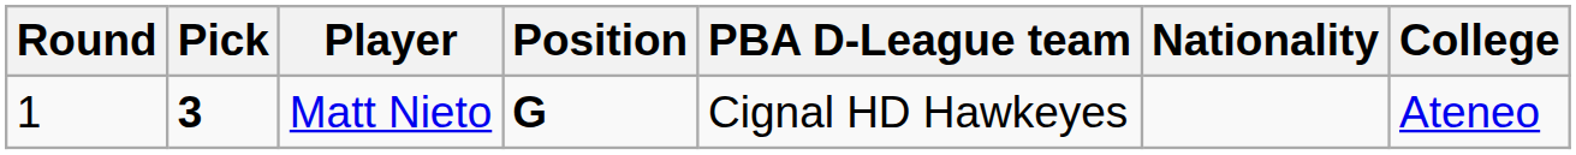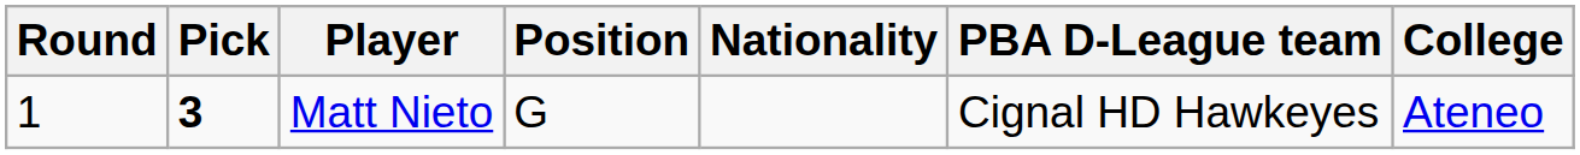 <table class="wikitable sortable sortable">
 <tr>
 <th>Round</th>
 <th>Pick</th>
 <th>Player</th>
 <th>Position</th>
+<th>Nationality</th>
 <th>PBA D-League team</th>
-<th>Nationality</th>
 <th>College</th>
 </tr>
 <tr>
 <td>1</td>
 <td><strong>3</strong></td>
 <td><a href='#'>Matt Nieto</a></td>
-<td><strong>G</strong></td>
+<td>G</td>
+<td></td>
 <td>Cignal HD Hawkeyes</td>
-<td></td>
 <td><a href='#'>Ateneo</a></td>
 </tr>
 </table>
